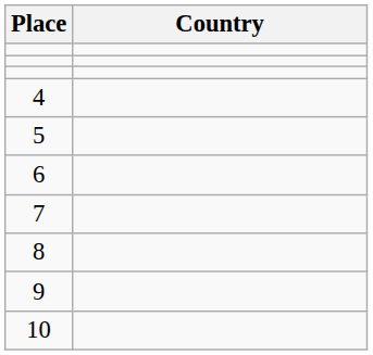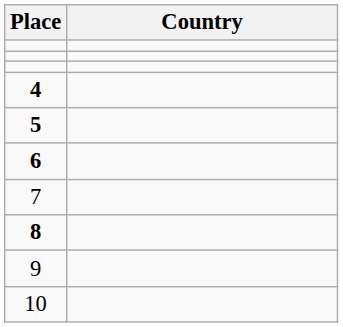 <table class=wikitable style=text-align:center>
 <tr>
 <th width=35>Place</th>
 <th width=185>Country</th>
 </tr>
 <tr>
 <td></td>
 <td style=text-align:left></td>
 </tr>
 <tr>
 <td></td>
 <td style=text-align:left></td>
 </tr>
 <tr>
 <td></td>
 <td style=text-align:left></td>
 </tr>
 <tr>
-<td>4</td>
+<td><strong>4</strong></td>
 <td style=text-align:left></td>
 </tr>
 <tr>
-<td>5</td>
+<td><strong>5</strong></td>
 <td style=text-align:left></td>
 </tr>
 <tr>
-<td>6</td>
+<td><strong>6</strong></td>
 <td style=text-align:left></td>
 </tr>
 <tr>
 <td>7</td>
 <td style=text-align:left></td>
 </tr>
 <tr>
-<td>8</td>
+<td><strong>8</strong></td>
 <td style=text-align:left></td>
 </tr>
 <tr>
 <td>9</td>
 <td style=text-align:left></td>
 </tr>
 <tr>
 <td>10</td>
 <td style=text-align:left></td>
 </tr>
 </table>
